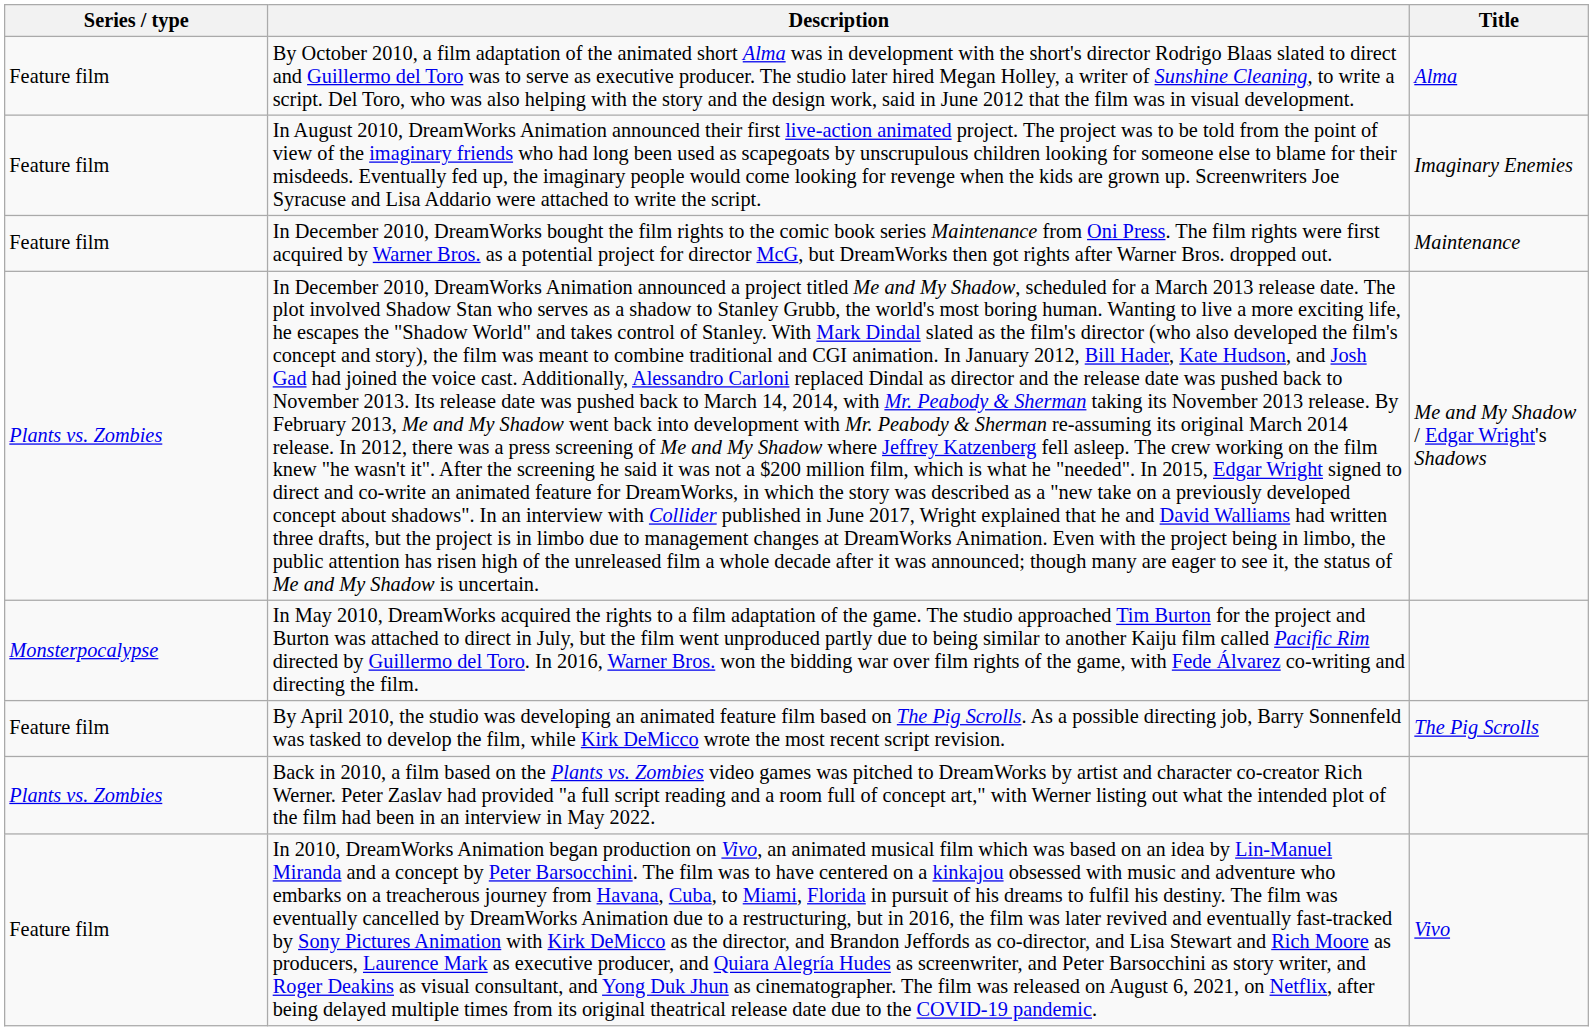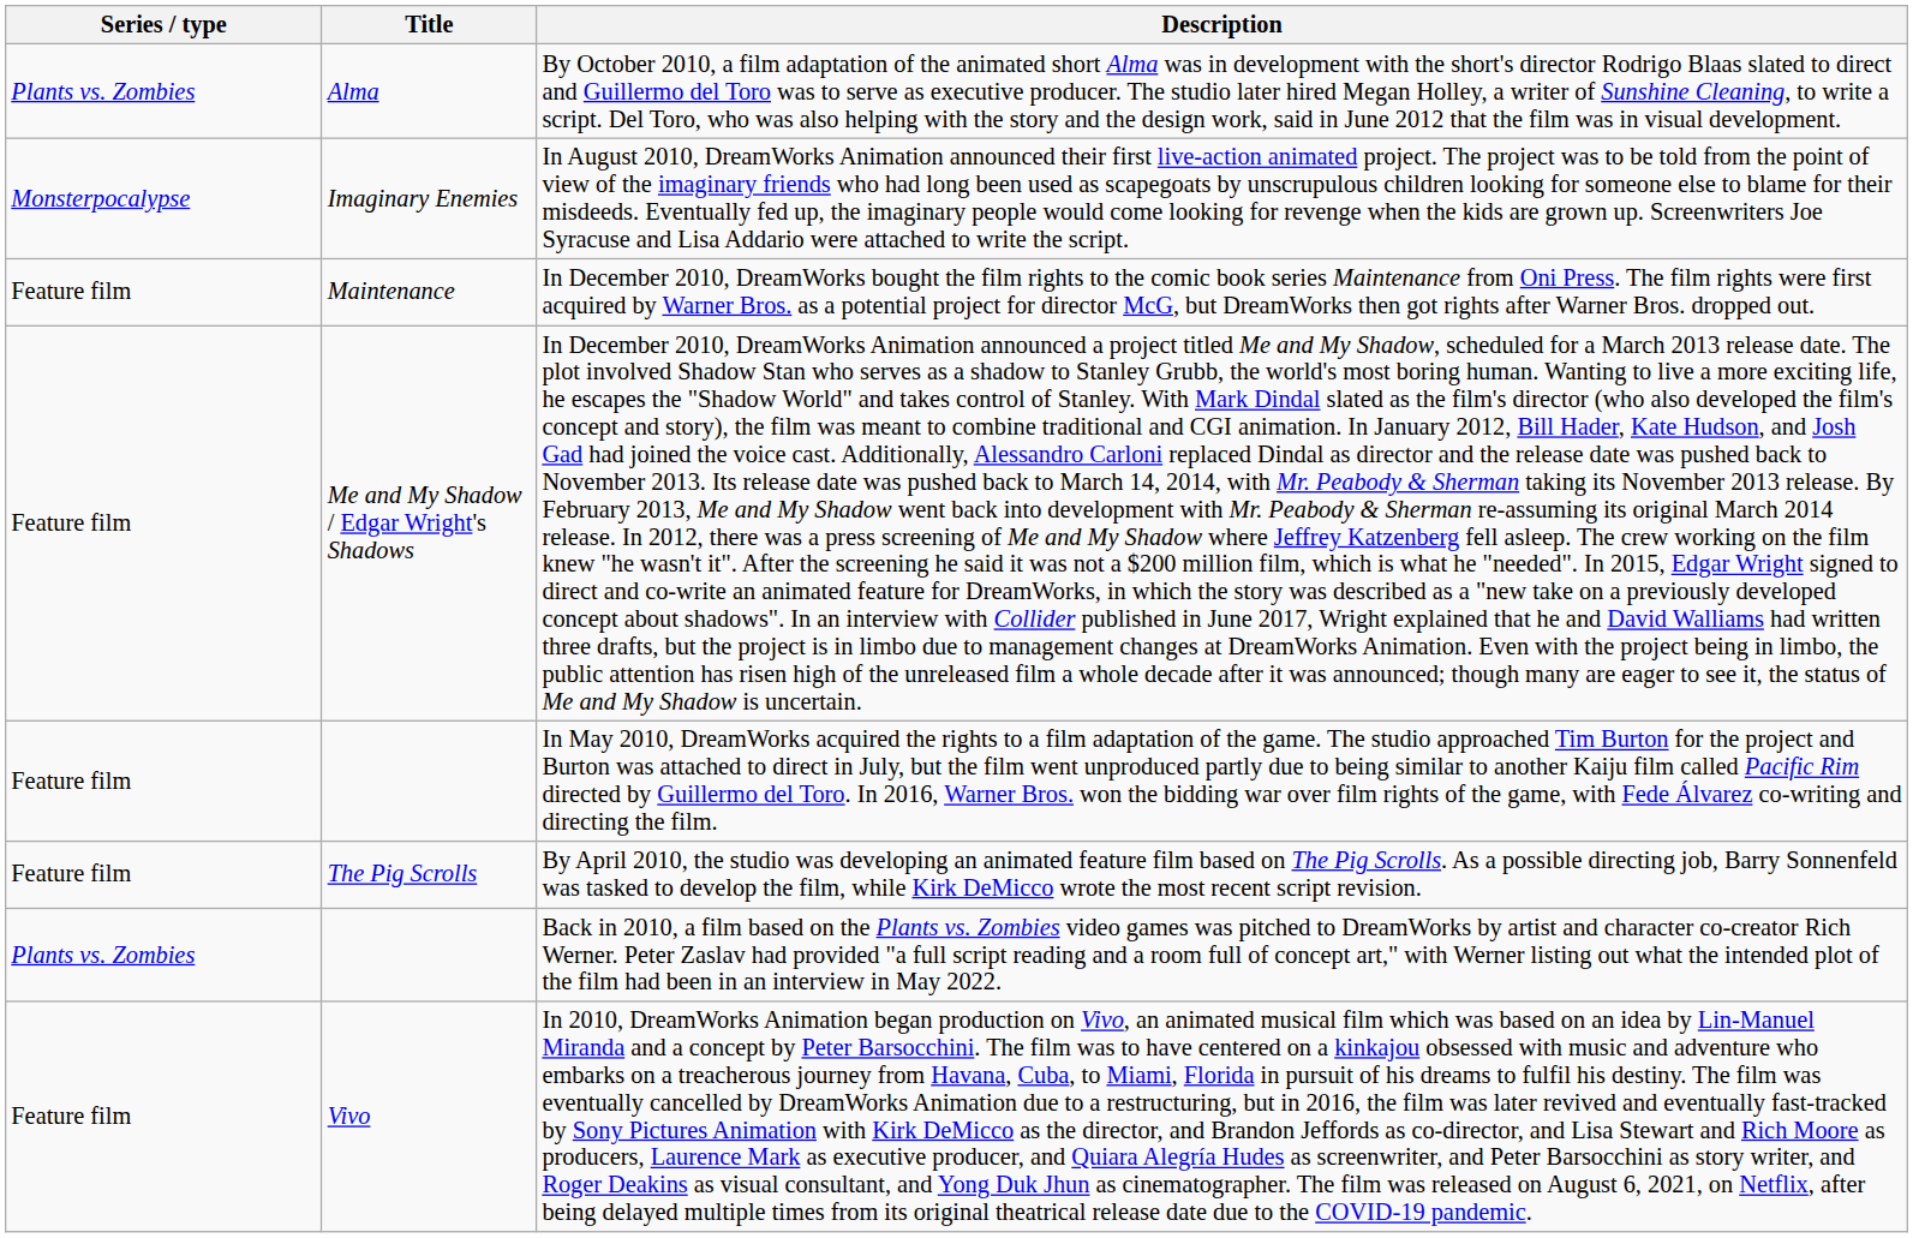 <table class="wikitable">
 <tr>
 <th style="width:150pt;">Series / type</th>
+<th style="width:100pt;">Title</th>
 <th>Description</th>
-<th style="width:100pt;">Title</th>
+</tr>
+<tr>
+<td><em><a href='#'>Plants vs. Zombies</a></em></td>
+<td><em><a href='#'>Alma</a></em></td>
+<td>By October 2010, a film adaptation of the animated short <em><a href='#'>Alma</a></em> was in development with the short's director Rodrigo Blaas slated to direct and <a href='#'>Guillermo del Toro</a> was to serve as executive producer. The studio later hired Megan Holley, a writer of <em><a href='#'>Sunshine Cleaning</a></em>, to write a script. Del Toro, who was also helping with the story and the design work, said in June 2012 that the film was in visual development.</td>
+</tr>
+<tr>
+<td><em><a href='#'>Monsterpocalypse</a></em></td>
+<td><em>Imaginary Enemies</em></td>
+<td>In August 2010, DreamWorks Animation announced their first <a href='#'>live-action animated</a> project. The project was to be told from the point of view of the <a href='#'>imaginary friends</a> who had long been used as scapegoats by unscrupulous children looking for someone else to blame for their misdeeds. Eventually fed up, the imaginary people would come looking for revenge when the kids are grown up. Screenwriters Joe Syracuse and Lisa Addario were attached to write the script.</td>
 </tr>
 <tr>
 <td>Feature film</td>
-<td>By October 2010, a film adaptation of the animated short <em><a href='#'>Alma</a></em> was in development with the short's director Rodrigo Blaas slated to direct and <a href='#'>Guillermo del Toro</a> was to serve as executive producer. The studio later hired Megan Holley, a writer of <em><a href='#'>Sunshine Cleaning</a></em>, to write a script. Del Toro, who was also helping with the story and the design work, said in June 2012 that the film was in visual development.</td>
-<td><em><a href='#'>Alma</a></em></td>
+<td><em>Maintenance</em></td>
+<td>In December 2010, DreamWorks bought the film rights to the comic book series <em>Maintenance</em> from <a href='#'>Oni Press</a>. The film rights were first acquired by <a href='#'>Warner Bros.</a> as a potential project for director <a href='#'>McG</a>, but DreamWorks then got rights after Warner Bros. dropped out.</td>
 </tr>
 <tr>
 <td>Feature film</td>
-<td>In August 2010, DreamWorks Animation announced their first <a href='#'>live-action animated</a> project. The project was to be told from the point of view of the <a href='#'>imaginary friends</a> who had long been used as scapegoats by unscrupulous children looking for someone else to blame for their misdeeds. Eventually fed up, the imaginary people would come looking for revenge when the kids are grown up. Screenwriters Joe Syracuse and Lisa Addario were attached to write the script.</td>
-<td><em>Imaginary Enemies</em></td>
+<td><em>Me and My Shadow</em> / <a href='#'>Edgar Wright</a>'s <em>Shadows</em></td>
+<td>In December 2010, DreamWorks Animation announced a project titled <em>Me and My Shadow</em>, scheduled for a March 2013 release date. The plot involved Shadow Stan who serves as a shadow to Stanley Grubb, the world's most boring human. Wanting to live a more exciting life, he escapes the "Shadow World" and takes control of Stanley. With <a href='#'>Mark Dindal</a> slated as the film's director (who also developed the film's concept and story), the film was meant to combine traditional and CGI animation. In January 2012, <a href='#'>Bill Hader</a>, <a href='#'>Kate Hudson</a>, and <a href='#'>Josh Gad</a> had joined the voice cast. Additionally, <a href='#'>Alessandro Carloni</a> replaced Dindal as director and the release date was pushed back to November 2013. Its release date was pushed back to March 14, 2014, with <em><a href='#'>Mr. Peabody & Sherman</a></em> taking its November 2013 release. By February 2013, <em>Me and My Shadow</em> went back into development with <em>Mr. Peabody & Sherman</em> re-assuming its original March 2014 release. In 2012, there was a press screening of <em>Me and My Shadow</em> where <a href='#'>Jeffrey Katzenberg</a> fell asleep. The crew working on the film knew "he wasn't  it". After the screening he said it was not a $200 million film, which is what he "needed". In 2015, <a href='#'>Edgar Wright</a> signed to direct and co-write an animated feature for DreamWorks, in which the story was described as a "new take on a previously developed concept about shadows". In an interview with <em><a href='#'>Collider</a></em> published in June 2017, Wright explained that he and <a href='#'>David Walliams</a> had written three drafts, but the project is in limbo due to management changes at DreamWorks Animation. Even with the project being in limbo, the public attention has risen high of the unreleased film a whole decade after it was announced; though many are eager to see it, the status of <em>Me and My Shadow</em> is uncertain.</td>
 </tr>
 <tr>
 <td>Feature film</td>
-<td>In December 2010, DreamWorks bought the film rights to the comic book series <em>Maintenance</em> from <a href='#'>Oni Press</a>. The film rights were first acquired by <a href='#'>Warner Bros.</a> as a potential project for director <a href='#'>McG</a>, but DreamWorks then got rights after Warner Bros. dropped out.</td>
-<td><em>Maintenance</em></td>
+<td></td>
+<td>In May 2010, DreamWorks acquired the rights to a film adaptation of the game. The studio approached <a href='#'>Tim Burton</a> for the project and Burton was attached to direct in July, but the film went unproduced partly due to being similar to another Kaiju film called <em><a href='#'>Pacific Rim</a></em> directed by <a href='#'>Guillermo del Toro</a>. In 2016, <a href='#'>Warner Bros.</a> won the bidding war over film rights of the game, with <a href='#'>Fede Álvarez</a> co-writing and directing the film.</td>
+</tr>
+<tr>
+<td>Feature film</td>
+<td><em><a href='#'>The Pig Scrolls</a></em></td>
+<td>By April 2010, the studio was developing an animated feature film based on <em><a href='#'>The Pig Scrolls</a></em>. As a possible directing job, Barry Sonnenfeld was tasked to develop the film, while <a href='#'>Kirk DeMicco</a> wrote the most recent script revision.</td>
 </tr>
 <tr>
 <td><em><a href='#'>Plants vs. Zombies</a></em></td>
-<td>In December 2010, DreamWorks Animation announced a project titled <em>Me and My Shadow</em>, scheduled for a March 2013 release date. The plot involved Shadow Stan who serves as a shadow to Stanley Grubb, the world's most boring human. Wanting to live a more exciting life, he escapes the "Shadow World" and takes control of Stanley. With <a href='#'>Mark Dindal</a> slated as the film's director (who also developed the film's concept and story), the film was meant to combine traditional and CGI animation. In January 2012, <a href='#'>Bill Hader</a>, <a href='#'>Kate Hudson</a>, and <a href='#'>Josh Gad</a> had joined the voice cast. Additionally, <a href='#'>Alessandro Carloni</a> replaced Dindal as director and the release date was pushed back to November 2013. Its release date was pushed back to March 14, 2014, with <em><a href='#'>Mr. Peabody & Sherman</a></em> taking its November 2013 release. By February 2013, <em>Me and My Shadow</em> went back into development with <em>Mr. Peabody & Sherman</em> re-assuming its original March 2014 release. In 2012, there was a press screening of <em>Me and My Shadow</em> where <a href='#'>Jeffrey Katzenberg</a> fell asleep. The crew working on the film knew "he wasn't  it". After the screening he said it was not a $200 million film, which is what he "needed". In 2015, <a href='#'>Edgar Wright</a> signed to direct and co-write an animated feature for DreamWorks, in which the story was described as a "new take on a previously developed concept about shadows". In an interview with <em><a href='#'>Collider</a></em> published in June 2017, Wright explained that he and <a href='#'>David Walliams</a> had written three drafts, but the project is in limbo due to management changes at DreamWorks Animation. Even with the project being in limbo, the public attention has risen high of the unreleased film a whole decade after it was announced; though many are eager to see it, the status of <em>Me and My Shadow</em> is uncertain.</td>
-<td><em>Me and My Shadow</em> / <a href='#'>Edgar Wright</a>'s <em>Shadows</em></td>
-</tr>
-<tr>
-<td><em><a href='#'>Monsterpocalypse</a></em></td>
-<td>In May 2010, DreamWorks acquired the rights to a film adaptation of the game. The studio approached <a href='#'>Tim Burton</a> for the project and Burton was attached to direct in July, but the film went unproduced partly due to being similar to another Kaiju film called <em><a href='#'>Pacific Rim</a></em> directed by <a href='#'>Guillermo del Toro</a>. In 2016, <a href='#'>Warner Bros.</a> won the bidding war over film rights of the game, with <a href='#'>Fede Álvarez</a> co-writing and directing the film.</td>
 <td></td>
+<td>Back in 2010, a film based on the <em><a href='#'>Plants vs. Zombies</a></em> video games was pitched to DreamWorks by artist and character co-creator Rich Werner. Peter Zaslav had provided "a full script reading and a room full of concept art," with Werner listing out what the intended plot of the film had been in an interview in May 2022.</td>
 </tr>
 <tr>
 <td>Feature film</td>
-<td>By April 2010, the studio was developing an animated feature film based on <em><a href='#'>The Pig Scrolls</a></em>. As a possible directing job, Barry Sonnenfeld was tasked to develop the film, while <a href='#'>Kirk DeMicco</a> wrote the most recent script revision.</td>
-<td><em><a href='#'>The Pig Scrolls</a></em></td>
-</tr>
-<tr>
-<td><em><a href='#'>Plants vs. Zombies</a></em></td>
-<td>Back in 2010, a film based on the <em><a href='#'>Plants vs. Zombies</a></em> video games was pitched to DreamWorks by artist and character co-creator Rich Werner. Peter Zaslav had provided "a full script reading and a room full of concept art," with Werner listing out what the intended plot of the film had been in an interview in May 2022.</td>
-<td></td>
-</tr>
-<tr>
-<td>Feature film</td>
+<td><em><a href='#'>Vivo</a></em></td>
 <td>In 2010, DreamWorks Animation began production on <em><a href='#'>Vivo</a></em>, an animated musical film which was based on an idea by <a href='#'>Lin-Manuel Miranda</a> and a concept by <a href='#'>Peter Barsocchini</a>. The film was to have centered on a <a href='#'>kinkajou</a> obsessed with music and adventure who embarks on a treacherous journey from <a href='#'>Havana</a>, <a href='#'>Cuba</a>, to <a href='#'>Miami</a>, <a href='#'>Florida</a> in pursuit of his dreams to fulfil his destiny. The film was eventually cancelled by DreamWorks Animation due to a restructuring, but in 2016, the film was later revived and eventually fast-tracked by <a href='#'>Sony Pictures Animation</a> with <a href='#'>Kirk DeMicco</a> as the director, and Brandon Jeffords as co-director, and Lisa Stewart and <a href='#'>Rich Moore</a> as producers, <a href='#'>Laurence Mark</a> as executive producer, and <a href='#'>Quiara Alegría Hudes</a> as screenwriter, and Peter Barsocchini as story writer, and <a href='#'>Roger Deakins</a> as visual consultant, and <a href='#'>Yong Duk Jhun</a> as cinematographer. The film was released on August 6, 2021, on <a href='#'>Netflix</a>, after being delayed multiple times from its original theatrical release date due to the <a href='#'>COVID-19 pandemic</a>.</td>
-<td><em><a href='#'>Vivo</a></em></td>
 </tr>
 </table>
